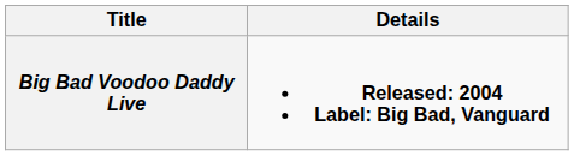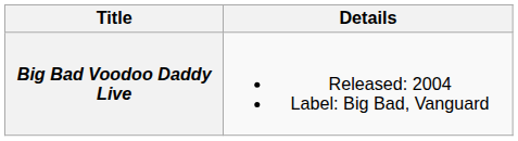 <table class="wikitable plainrowheaders" style="text-align:center;" border="1">
 <tr>
 <th scope="col" rowspan="1" style="width:12em;">Title</th>
 <th scope="col" rowspan="1" style="width:16em;">Details</th>
 </tr>
 <tr>
 <th scope="row"><em>Big Bad Voodoo Daddy Live</em></th>
-<td><strong><br><ul><li>Released: 2004</li><li>Label: Big Bad, Vanguard</li></ul></strong></td>
+<td><br><ul><li>Released: 2004</li><li>Label: Big Bad, Vanguard</li></ul></td>
 </tr>
 </table>
